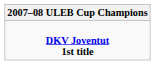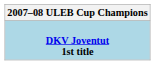 <table class=wikitable style="text-align:center; margin:auto">
 <tr>
 <th>2007–08 ULEB Cup Champions</th>
 </tr>
 <tr>
-<td><br> <strong><a href='#'>DKV Joventut</a></strong> <br> <strong>1st title</strong></td>
+<td style="background: lightblue;"><br> <strong><a href='#'>DKV Joventut</a></strong> <br> <strong>1st title</strong></td>
 </tr>
 </table>
